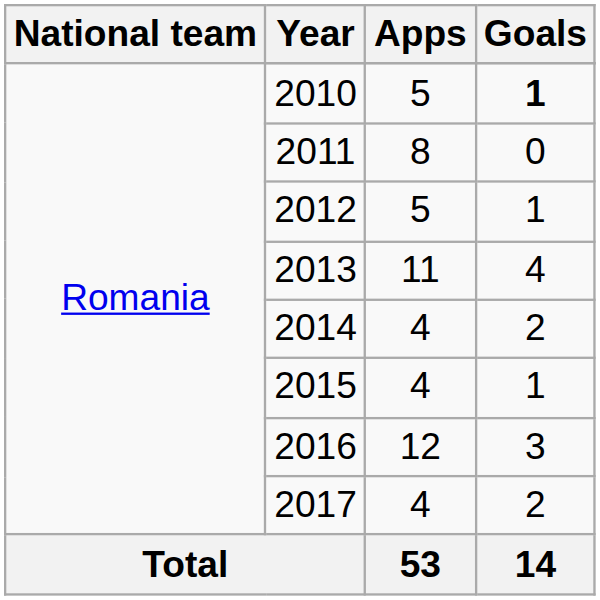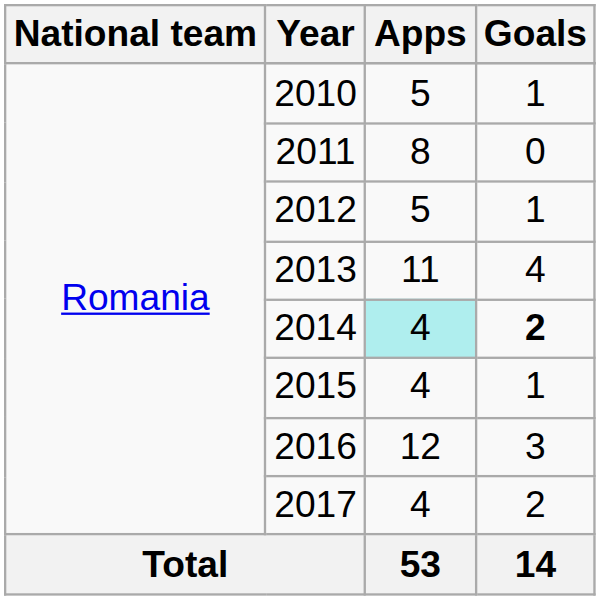 <table class="wikitable" style="text-align: center;">
 <tr>
 <th>National team</th>
 <th>Year</th>
 <th>Apps</th>
 <th>Goals</th>
 </tr>
 <tr>
 <td rowspan="9"><a href='#'>Romania</a></td>
 </tr>
 <tr>
 <td>2010</td>
 <td>5</td>
-<td><strong>1</strong></td>
+<td>1</td>
 </tr>
 <tr>
 <td>2011</td>
 <td>8</td>
 <td>0</td>
 </tr>
 <tr>
 <td>2012</td>
 <td>5</td>
 <td>1</td>
 </tr>
 <tr>
 <td>2013</td>
 <td>11</td>
 <td>4</td>
 </tr>
 <tr>
 <td>2014</td>
-<td>4</td>
-<td>2</td>
+<td style="background: paleturquoise;">4</td>
+<td><strong>2</strong></td>
 </tr>
 <tr>
 <td>2015</td>
 <td>4</td>
 <td>1</td>
 </tr>
 <tr>
 <td>2016</td>
 <td>12</td>
 <td>3</td>
 </tr>
 <tr>
 <td>2017</td>
 <td>4</td>
 <td>2</td>
 </tr>
 <tr>
 <th colspan=2>Total</th>
 <th>53</th>
 <th>14</th>
 </tr>
 </table>
